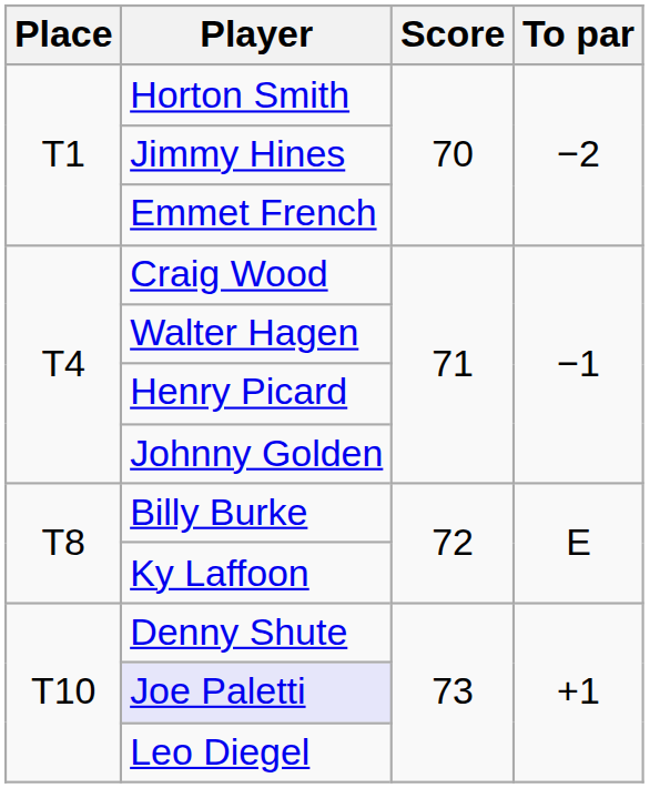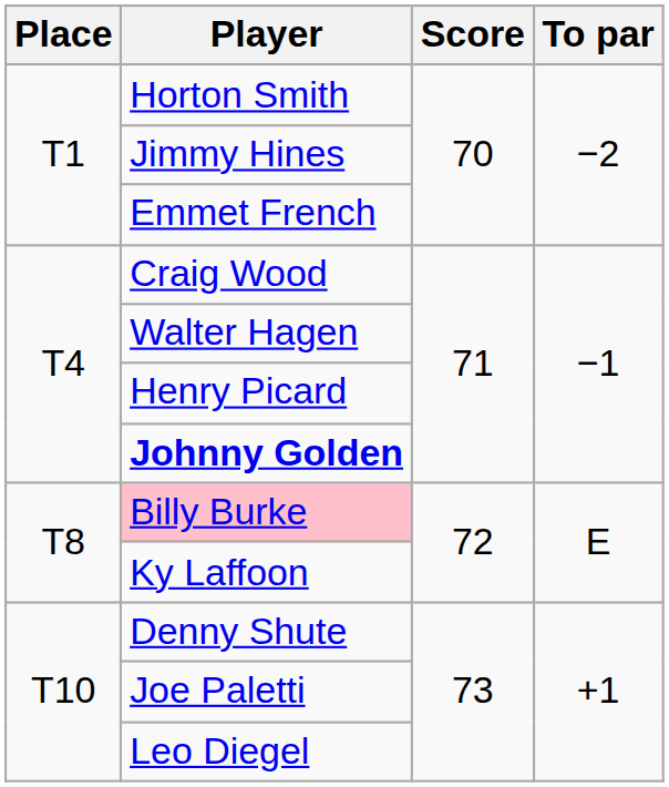 <table class="wikitable">
 <tr>
 <th>Place</th>
 <th>Player</th>
 <th>Score</th>
 <th>To par</th>
 </tr>
 <tr>
 <td rowspan="3" align="center">T1</td>
 <td> <a href='#'>Horton Smith</a></td>
 <td rowspan="3" align="center">70</td>
 <td rowspan="3" align="center">−2</td>
 </tr>
 <tr>
 <td> <a href='#'>Jimmy Hines</a></td>
 </tr>
 <tr>
 <td> <a href='#'>Emmet French</a></td>
 </tr>
 <tr>
 <td rowspan="4" align="center">T4</td>
 <td> <a href='#'>Craig Wood</a></td>
 <td rowspan="4" align="center">71</td>
 <td rowspan="4" align="center">−1</td>
 </tr>
 <tr>
 <td> <a href='#'>Walter Hagen</a></td>
 </tr>
 <tr>
 <td> <a href='#'>Henry Picard</a></td>
 </tr>
 <tr>
-<td> <a href='#'>Johnny Golden</a></td>
+<td><strong> <a href='#'>Johnny Golden</a></strong></td>
 </tr>
 <tr>
 <td rowspan="2" align="center">T8</td>
-<td> <a href='#'>Billy Burke</a></td>
+<td style="background: pink;"> <a href='#'>Billy Burke</a></td>
 <td rowspan="2" align="center">72</td>
 <td rowspan="2" align="center">E</td>
 </tr>
 <tr>
 <td> <a href='#'>Ky Laffoon</a></td>
 </tr>
 <tr>
 <td rowspan="3" align="center">T10</td>
 <td> <a href='#'>Denny Shute</a></td>
 <td rowspan="3" align="center">73</td>
 <td rowspan="3" align="center">+1</td>
 </tr>
 <tr>
-<td style="background: lavender;"> <a href='#'>Joe Paletti</a></td>
+<td> <a href='#'>Joe Paletti</a></td>
 </tr>
 <tr>
 <td> <a href='#'>Leo Diegel</a></td>
 </tr>
 </table>
